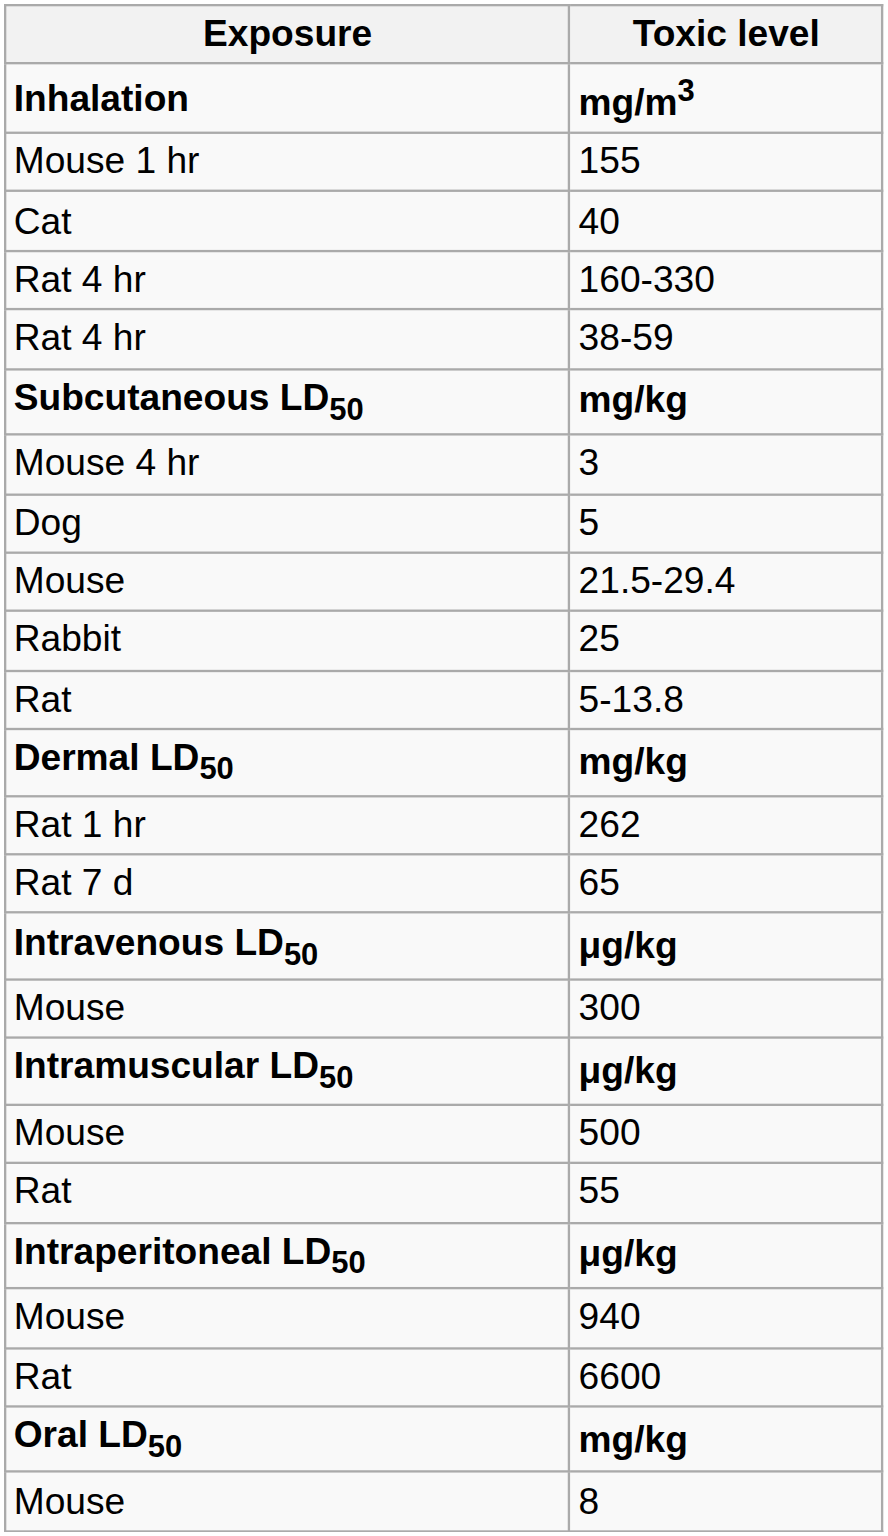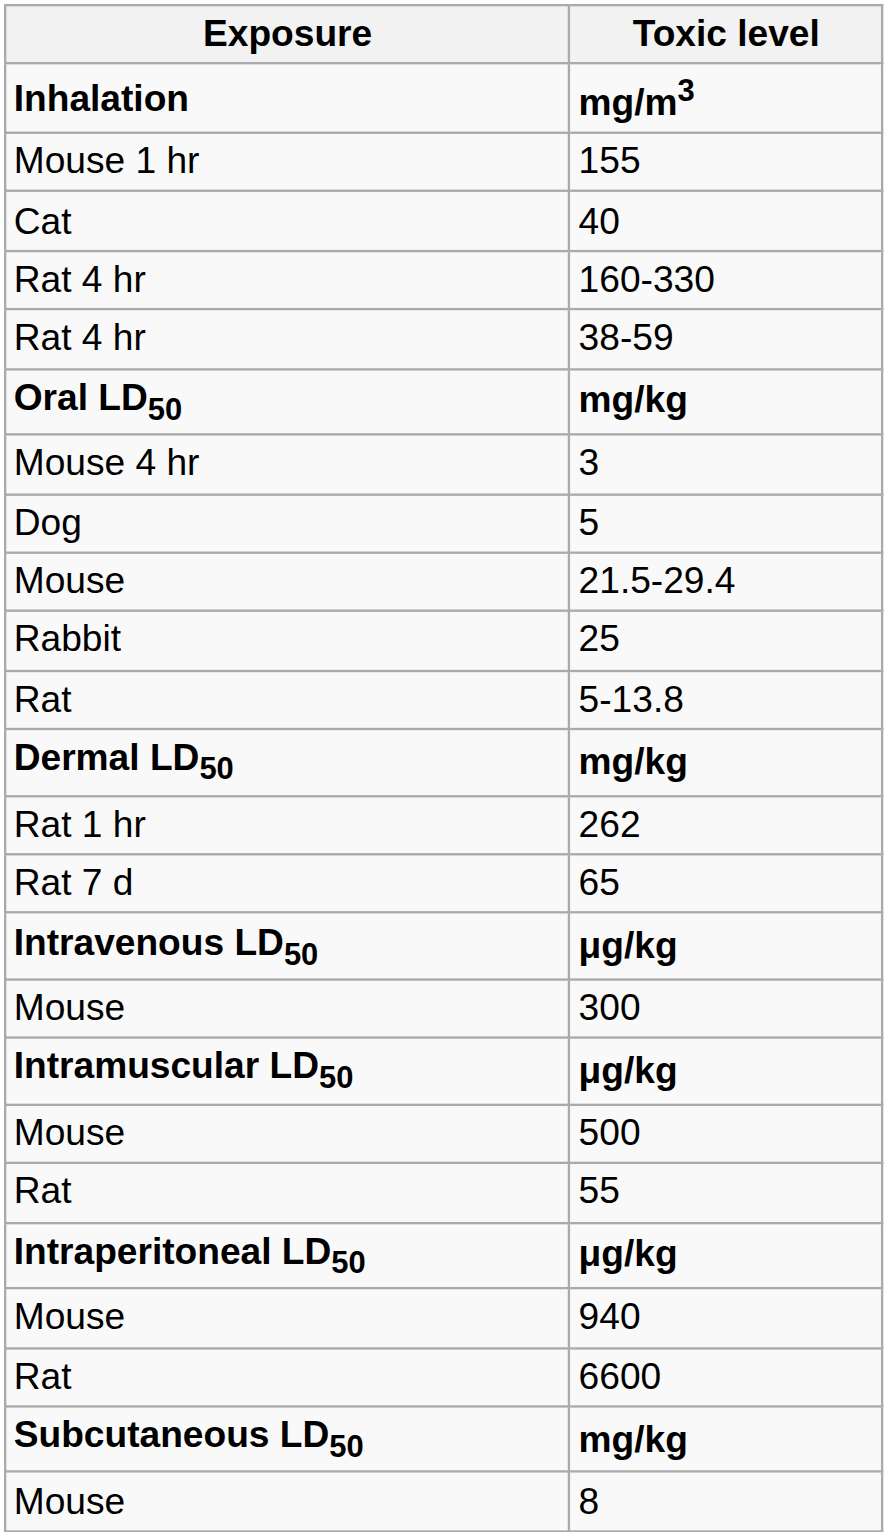 <table class="wikitable" width="30%">
 <tr>
 <th>Exposure</th>
 <th>Toxic level</th>
 </tr>
 <tr>
 <td><strong>Inhalation</strong></td>
 <td><strong>mg/m<sup>3</sup></strong></td>
 </tr>
 <tr>
 <td>Mouse 1 hr</td>
 <td>155 </td>
 </tr>
 <tr>
 <td>Cat</td>
 <td>40 </td>
 </tr>
 <tr>
 <td>Rat 4 hr</td>
 <td>160-330 </td>
 </tr>
 <tr>
 <td>Rat 4 hr</td>
 <td>38-59 </td>
 </tr>
 <tr>
-<td><strong>Subcutaneous LD<sub>50</sub></strong></td>
+<td><strong>Oral LD<sub>50</sub></strong></td>
 <td><strong>mg/kg</strong></td>
 </tr>
 <tr>
 <td>Mouse 4 hr</td>
 <td>3  </td>
 </tr>
 <tr>
 <td>Dog</td>
 <td>5 </td>
 </tr>
 <tr>
 <td>Mouse</td>
 <td>21.5-29.4 </td>
 </tr>
 <tr>
 <td>Rabbit</td>
 <td>25 </td>
 </tr>
 <tr>
 <td>Rat</td>
 <td>5-13.8 </td>
 </tr>
 <tr>
 <td><strong>Dermal LD<sub>50</sub></strong></td>
 <td><strong>mg/kg</strong></td>
 </tr>
 <tr>
 <td>Rat 1 hr</td>
 <td>262 </td>
 </tr>
 <tr>
 <td>Rat 7 d</td>
 <td>65 </td>
 </tr>
 <tr>
 <td><strong>Intravenous LD<sub>50</sub></strong></td>
 <td><strong>μg/kg</strong></td>
 </tr>
 <tr>
 <td>Mouse</td>
 <td>300 </td>
 </tr>
 <tr>
 <td><strong>Intramuscular LD<sub>50</sub></strong></td>
 <td><strong>μg/kg</strong></td>
 </tr>
 <tr>
 <td>Mouse</td>
 <td>500 </td>
 </tr>
 <tr>
 <td>Rat</td>
 <td>55</td>
 </tr>
 <tr>
 <td><strong>Intraperitoneal LD<sub>50</sub></strong></td>
 <td><strong>μg/kg</strong></td>
 </tr>
 <tr>
 <td>Mouse</td>
 <td>940</td>
 </tr>
 <tr>
 <td>Rat</td>
 <td>6600</td>
 </tr>
 <tr>
-<td><strong>Oral LD<sub>50</sub></strong></td>
+<td><strong>Subcutaneous LD<sub>50</sub></strong></td>
 <td><strong>mg/kg</strong></td>
 </tr>
 <tr>
 <td>Mouse</td>
 <td>8</td>
 </tr>
 <tr>
 </tr>
 </table>
